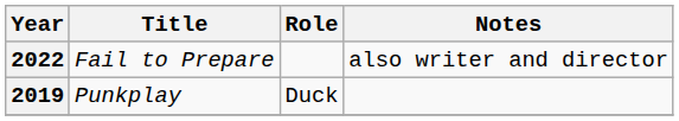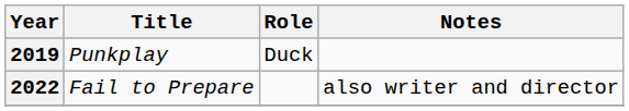 <table class="wikitable plainrowheaders sortable">
 <tr>
 <th scope="col">Year</th>
 <th scope="col">Title</th>
 <th scope="col">Role</th>
 <th scope="col" class="unsortable">Notes</th>
 </tr>
 <tr>
+<th scope="row">2019</th>
+<td><em>Punkplay</em></td>
+<td>Duck</td>
+<td></td>
+</tr>
+<tr>
 <th scope="row">2022</th>
 <td><em>Fail to Prepare</em></td>
 <td></td>
 <td>also writer and director</td>
 </tr>
 <tr>
-<th scope="row">2019</th>
-<td><em>Punkplay</em></td>
-<td>Duck</td>
-<td></td>
-</tr>
-<tr>
 </tr>
 </table>
